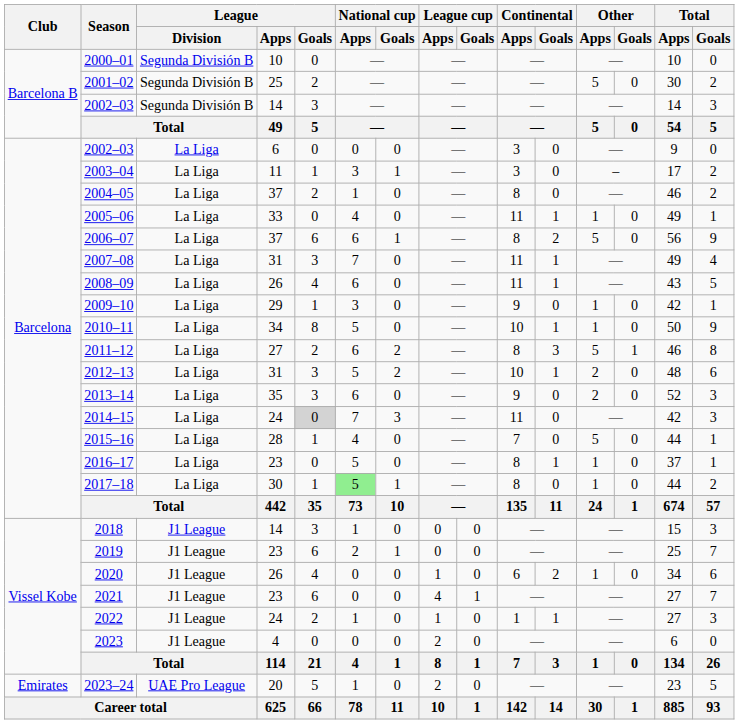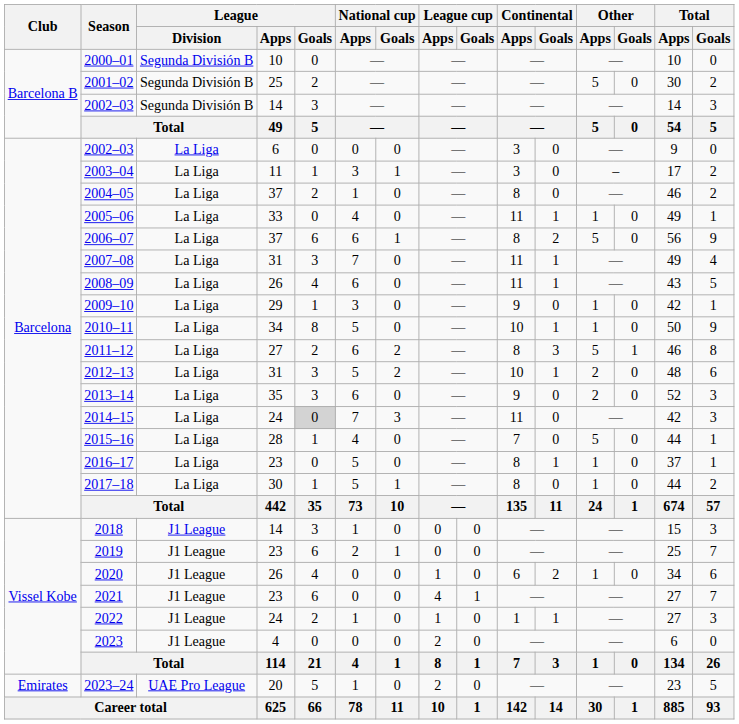 <table class="wikitable" style="text-align: center">
 <tr>
 <th rowspan="2">Club</th>
 <th rowspan="2">Season</th>
 <th colspan="3">League</th>
 <th colspan="2">National cup</th>
 <th colspan="2">League cup</th>
 <th colspan="2">Continental</th>
 <th colspan="2">Other</th>
 <th colspan="2">Total</th>
 </tr>
 <tr>
 <th>Division</th>
 <th>Apps</th>
 <th>Goals</th>
 <th>Apps</th>
 <th>Goals</th>
 <th>Apps</th>
 <th>Goals</th>
 <th>Apps</th>
 <th>Goals</th>
 <th>Apps</th>
 <th>Goals</th>
 <th>Apps</th>
 <th>Goals</th>
 </tr>
 <tr>
 <td rowspan="4"><a href='#'>Barcelona B</a></td>
 <td><a href='#'>2000–01</a></td>
 <td><a href='#'>Segunda División B</a></td>
 <td>10</td>
 <td>0</td>
 <td colspan="2">—</td>
 <td colspan="2">—</td>
 <td colspan="2">—</td>
 <td colspan="2">—</td>
 <td>10</td>
 <td>0</td>
 </tr>
 <tr>
 <td><a href='#'>2001–02</a></td>
 <td>Segunda División B</td>
 <td>25</td>
 <td>2</td>
 <td colspan="2">—</td>
 <td colspan="2">—</td>
 <td colspan="2">—</td>
 <td>5</td>
 <td>0</td>
 <td>30</td>
 <td>2</td>
 </tr>
 <tr>
 <td><a href='#'>2002–03</a></td>
 <td>Segunda División B</td>
 <td>14</td>
 <td>3</td>
 <td colspan="2">—</td>
 <td colspan="2">—</td>
 <td colspan="2">—</td>
 <td colspan="2">—</td>
 <td>14</td>
 <td>3</td>
 </tr>
 <tr>
 <th colspan="2">Total</th>
 <th>49</th>
 <th>5</th>
 <th colspan="2">—</th>
 <th colspan="2">—</th>
 <th colspan="2">—</th>
 <th>5</th>
 <th>0</th>
 <th>54</th>
 <th>5</th>
 </tr>
 <tr>
 <td rowspan="17"><a href='#'>Barcelona</a></td>
 <td><a href='#'>2002–03</a></td>
 <td><a href='#'>La Liga</a></td>
 <td>6</td>
 <td>0</td>
 <td>0</td>
 <td>0</td>
 <td colspan="2">—</td>
 <td>3</td>
 <td>0</td>
 <td colspan="2">—</td>
 <td>9</td>
 <td>0</td>
 </tr>
 <tr>
 <td><a href='#'>2003–04</a></td>
 <td>La Liga</td>
 <td>11</td>
 <td>1</td>
 <td>3</td>
 <td>1</td>
 <td colspan="2">—</td>
 <td>3</td>
 <td>0</td>
 <td colspan="2">–</td>
 <td>17</td>
 <td>2</td>
 </tr>
 <tr>
 <td><a href='#'>2004–05</a></td>
 <td>La Liga</td>
 <td>37</td>
 <td>2</td>
 <td>1</td>
 <td>0</td>
 <td colspan="2">—</td>
 <td>8</td>
 <td>0</td>
 <td colspan="2">—</td>
 <td>46</td>
 <td>2</td>
 </tr>
 <tr>
 <td><a href='#'>2005–06</a></td>
 <td>La Liga</td>
 <td>33</td>
 <td>0</td>
 <td>4</td>
 <td>0</td>
 <td colspan="2">—</td>
 <td>11</td>
 <td>1</td>
 <td>1</td>
 <td>0</td>
 <td>49</td>
 <td>1</td>
 </tr>
 <tr>
 <td><a href='#'>2006–07</a></td>
 <td>La Liga</td>
 <td>37</td>
 <td>6</td>
 <td>6</td>
 <td>1</td>
 <td colspan="2">—</td>
 <td>8</td>
 <td>2</td>
 <td>5</td>
 <td>0</td>
 <td>56</td>
 <td>9</td>
 </tr>
 <tr>
 <td><a href='#'>2007–08</a></td>
 <td>La Liga</td>
 <td>31</td>
 <td>3</td>
 <td>7</td>
 <td>0</td>
 <td colspan="2">—</td>
 <td>11</td>
 <td>1</td>
 <td colspan="2">—</td>
 <td>49</td>
 <td>4</td>
 </tr>
 <tr>
 <td><a href='#'>2008–09</a></td>
 <td>La Liga</td>
 <td>26</td>
 <td>4</td>
 <td>6</td>
 <td>0</td>
 <td colspan="2">—</td>
 <td>11</td>
 <td>1</td>
 <td colspan="2">—</td>
 <td>43</td>
 <td>5</td>
 </tr>
 <tr>
 <td><a href='#'>2009–10</a></td>
 <td>La Liga</td>
 <td>29</td>
 <td>1</td>
 <td>3</td>
 <td>0</td>
 <td colspan="2">—</td>
 <td>9</td>
 <td>0</td>
 <td>1</td>
 <td>0</td>
 <td>42</td>
 <td>1</td>
 </tr>
 <tr>
 <td><a href='#'>2010–11</a></td>
 <td>La Liga</td>
 <td>34</td>
 <td>8</td>
 <td>5</td>
 <td>0</td>
 <td colspan="2">—</td>
 <td>10</td>
 <td>1</td>
 <td>1</td>
 <td>0</td>
 <td>50</td>
 <td>9</td>
 </tr>
 <tr>
 <td><a href='#'>2011–12</a></td>
 <td>La Liga</td>
 <td>27</td>
 <td>2</td>
 <td>6</td>
 <td>2</td>
 <td colspan="2">—</td>
 <td>8</td>
 <td>3</td>
 <td>5</td>
 <td>1</td>
 <td>46</td>
 <td>8</td>
 </tr>
 <tr>
 <td><a href='#'>2012–13</a></td>
 <td>La Liga</td>
 <td>31</td>
 <td>3</td>
 <td>5</td>
 <td>2</td>
 <td colspan="2">—</td>
 <td>10</td>
 <td>1</td>
 <td>2</td>
 <td>0</td>
 <td>48</td>
 <td>6</td>
 </tr>
 <tr>
 <td><a href='#'>2013–14</a></td>
 <td>La Liga</td>
 <td>35</td>
 <td>3</td>
 <td>6</td>
 <td>0</td>
 <td colspan="2">—</td>
 <td>9</td>
 <td>0</td>
 <td>2</td>
 <td>0</td>
 <td>52</td>
 <td>3</td>
 </tr>
 <tr>
 <td><a href='#'>2014–15</a></td>
 <td>La Liga</td>
 <td>24</td>
 <td style="background: lightgrey;">0</td>
 <td>7</td>
 <td>3</td>
 <td colspan="2">—</td>
 <td>11</td>
 <td>0</td>
 <td colspan="2">—</td>
 <td>42</td>
 <td>3</td>
 </tr>
 <tr>
 <td><a href='#'>2015–16</a></td>
 <td>La Liga</td>
 <td>28</td>
 <td>1</td>
 <td>4</td>
 <td>0</td>
 <td colspan="2">—</td>
 <td>7</td>
 <td>0</td>
 <td>5</td>
 <td>0</td>
 <td>44</td>
 <td>1</td>
 </tr>
 <tr>
 <td><a href='#'>2016–17</a></td>
 <td>La Liga</td>
 <td>23</td>
 <td>0</td>
 <td>5</td>
 <td>0</td>
 <td colspan="2">—</td>
 <td>8</td>
 <td>1</td>
 <td>1</td>
 <td>0</td>
 <td>37</td>
 <td>1</td>
 </tr>
 <tr>
 <td><a href='#'>2017–18</a></td>
 <td>La Liga</td>
 <td>30</td>
 <td>1</td>
-<td style="background: lightgreen;">5</td>
+<td>5</td>
 <td>1</td>
 <td colspan="2">—</td>
 <td>8</td>
 <td>0</td>
 <td>1</td>
 <td>0</td>
 <td>44</td>
 <td>2</td>
 </tr>
 <tr>
 <th colspan="2">Total</th>
 <th>442</th>
 <th>35</th>
 <th>73</th>
 <th>10</th>
 <th colspan="2">—</th>
 <th>135</th>
 <th>11</th>
 <th>24</th>
 <th>1</th>
 <th>674</th>
 <th>57</th>
 </tr>
 <tr>
 <td rowspan="7"><a href='#'>Vissel Kobe</a></td>
 <td><a href='#'>2018</a></td>
 <td><a href='#'>J1 League</a></td>
 <td>14</td>
 <td>3</td>
 <td>1</td>
 <td>0</td>
 <td>0</td>
 <td>0</td>
 <td colspan="2">—</td>
 <td colspan="2">—</td>
 <td>15</td>
 <td>3</td>
 </tr>
 <tr>
 <td><a href='#'>2019</a></td>
 <td>J1 League</td>
 <td>23</td>
 <td>6</td>
 <td>2</td>
 <td>1</td>
 <td>0</td>
 <td>0</td>
 <td colspan="2">—</td>
 <td colspan="2">—</td>
 <td>25</td>
 <td>7</td>
 </tr>
 <tr>
 <td><a href='#'>2020</a></td>
 <td>J1 League</td>
 <td>26</td>
 <td>4</td>
 <td>0</td>
 <td>0</td>
 <td>1</td>
 <td>0</td>
 <td>6</td>
 <td>2</td>
 <td>1</td>
 <td>0</td>
 <td>34</td>
 <td>6</td>
 </tr>
 <tr>
 <td><a href='#'>2021</a></td>
 <td>J1 League</td>
 <td>23</td>
 <td>6</td>
 <td>0</td>
 <td>0</td>
 <td>4</td>
 <td>1</td>
 <td colspan="2">—</td>
 <td colspan="2">—</td>
 <td>27</td>
 <td>7</td>
 </tr>
 <tr>
 <td><a href='#'>2022</a></td>
 <td>J1 League</td>
 <td>24</td>
 <td>2</td>
 <td>1</td>
 <td>0</td>
 <td>1</td>
 <td>0</td>
 <td>1</td>
 <td>1</td>
 <td colspan="2">—</td>
 <td>27</td>
 <td>3</td>
 </tr>
 <tr>
 <td><a href='#'>2023</a></td>
 <td>J1 League</td>
 <td>4</td>
 <td>0</td>
 <td>0</td>
 <td>0</td>
 <td>2</td>
 <td>0</td>
 <td colspan="2">—</td>
 <td colspan="2">—</td>
 <td>6</td>
 <td>0</td>
 </tr>
 <tr>
 <th colspan="2">Total</th>
 <th>114</th>
 <th>21</th>
 <th>4</th>
 <th>1</th>
 <th>8</th>
 <th>1</th>
 <th>7</th>
 <th>3</th>
 <th>1</th>
 <th>0</th>
 <th>134</th>
 <th>26</th>
 </tr>
 <tr>
 <td><a href='#'>Emirates</a></td>
 <td><a href='#'>2023–24</a></td>
 <td><a href='#'>UAE Pro League</a></td>
 <td>20</td>
 <td>5</td>
 <td>1</td>
 <td>0</td>
 <td>2</td>
 <td>0</td>
 <td colspan="2">—</td>
 <td colspan="2">—</td>
 <td>23</td>
 <td>5</td>
 </tr>
 <tr>
 <th colspan="3">Career total</th>
 <th>625</th>
 <th>66</th>
 <th>78</th>
 <th>11</th>
 <th>10</th>
 <th>1</th>
 <th>142</th>
 <th>14</th>
 <th>30</th>
 <th>1</th>
 <th>885</th>
 <th>93</th>
 </tr>
 </table>
